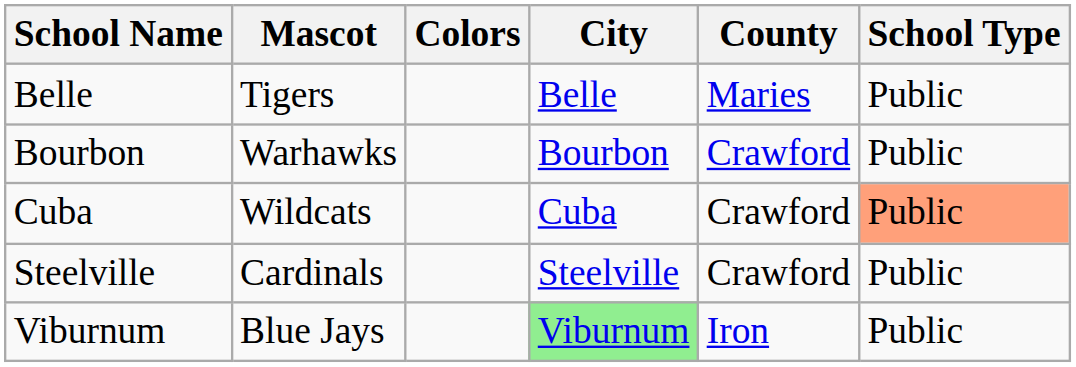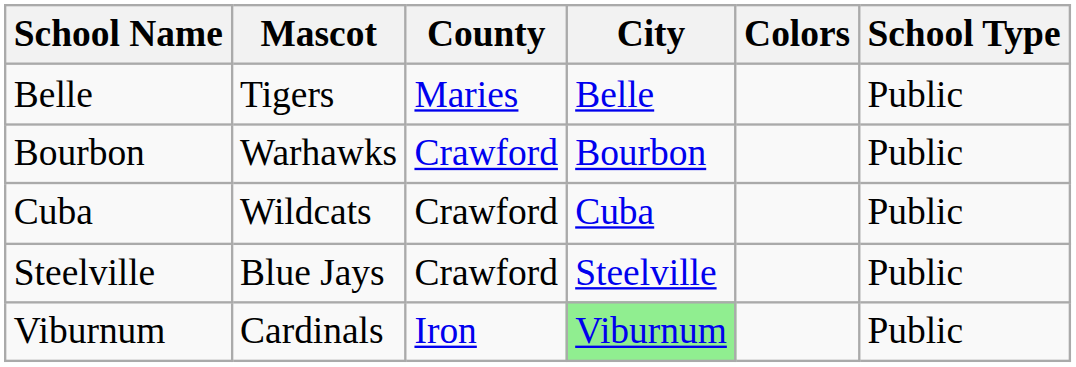 <table class="wikitable">
 <tr>
 <th>School Name</th>
 <th>Mascot</th>
+<th>County</th>
+<th>City</th>
 <th>Colors</th>
-<th>City</th>
-<th>County</th>
 <th>School Type</th>
 </tr>
 <tr>
 <td>Belle</td>
 <td>Tigers</td>
+<td><a href='#'>Maries</a></td>
+<td><a href='#'>Belle</a></td>
 <td> </td>
-<td><a href='#'>Belle</a></td>
-<td><a href='#'>Maries</a></td>
 <td>Public</td>
 </tr>
 <tr>
 <td>Bourbon</td>
 <td>Warhawks</td>
+<td><a href='#'>Crawford</a></td>
+<td><a href='#'>Bourbon</a></td>
 <td> </td>
-<td><a href='#'>Bourbon</a></td>
-<td><a href='#'>Crawford</a></td>
 <td>Public</td>
 </tr>
 <tr>
 <td>Cuba</td>
 <td>Wildcats</td>
+<td>Crawford</td>
+<td><a href='#'>Cuba</a></td>
 <td> </td>
-<td><a href='#'>Cuba</a></td>
-<td>Crawford</td>
-<td style="background: lightsalmon;">Public</td>
+<td>Public</td>
 </tr>
 <tr>
 <td>Steelville</td>
-<td>Cardinals</td>
+<td>Blue Jays</td>
+<td>Crawford</td>
+<td><a href='#'>Steelville</a></td>
 <td> </td>
-<td><a href='#'>Steelville</a></td>
-<td>Crawford</td>
 <td>Public</td>
 </tr>
 <tr>
 <td>Viburnum</td>
-<td>Blue Jays</td>
+<td>Cardinals</td>
+<td><a href='#'>Iron</a></td>
+<td style="background: lightgreen;"><a href='#'>Viburnum</a></td>
 <td> </td>
-<td style="background: lightgreen;"><a href='#'>Viburnum</a></td>
-<td><a href='#'>Iron</a></td>
 <td>Public</td>
 </tr>
 </table>
